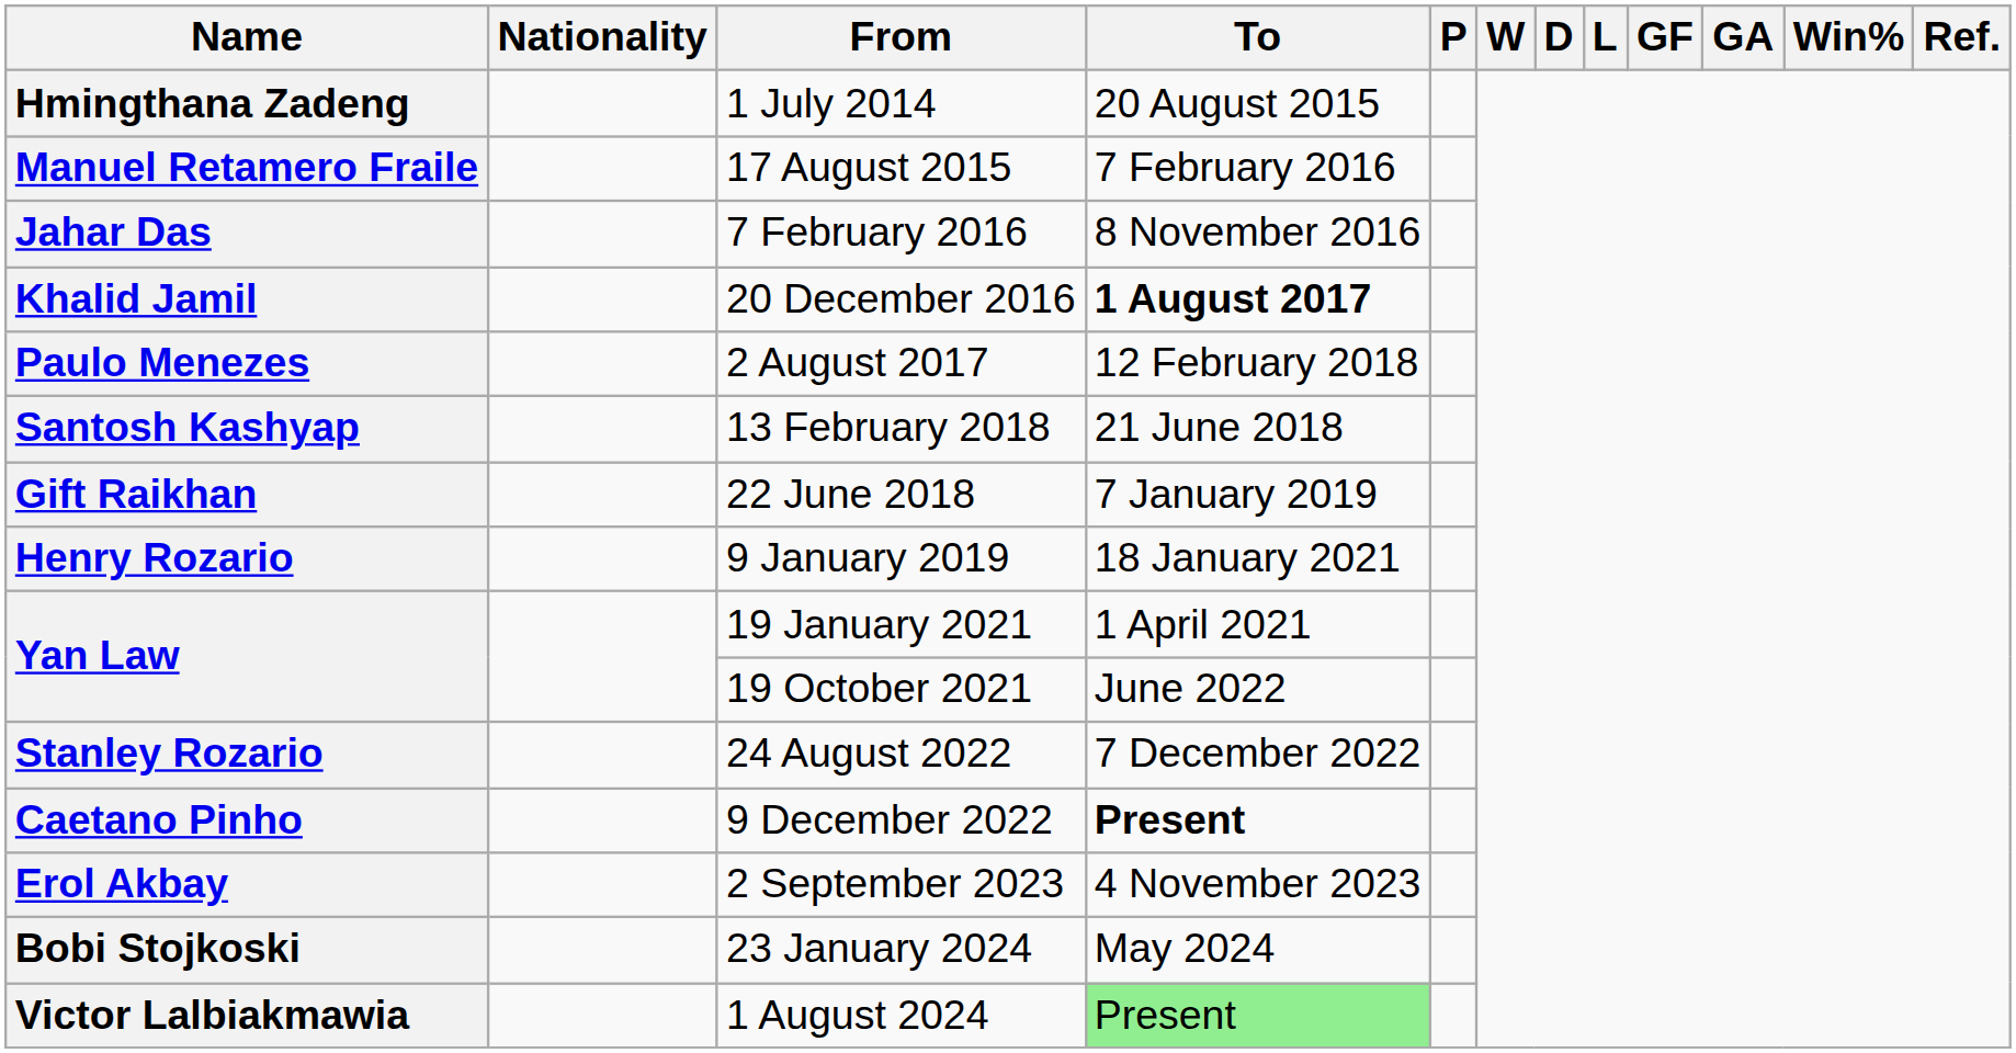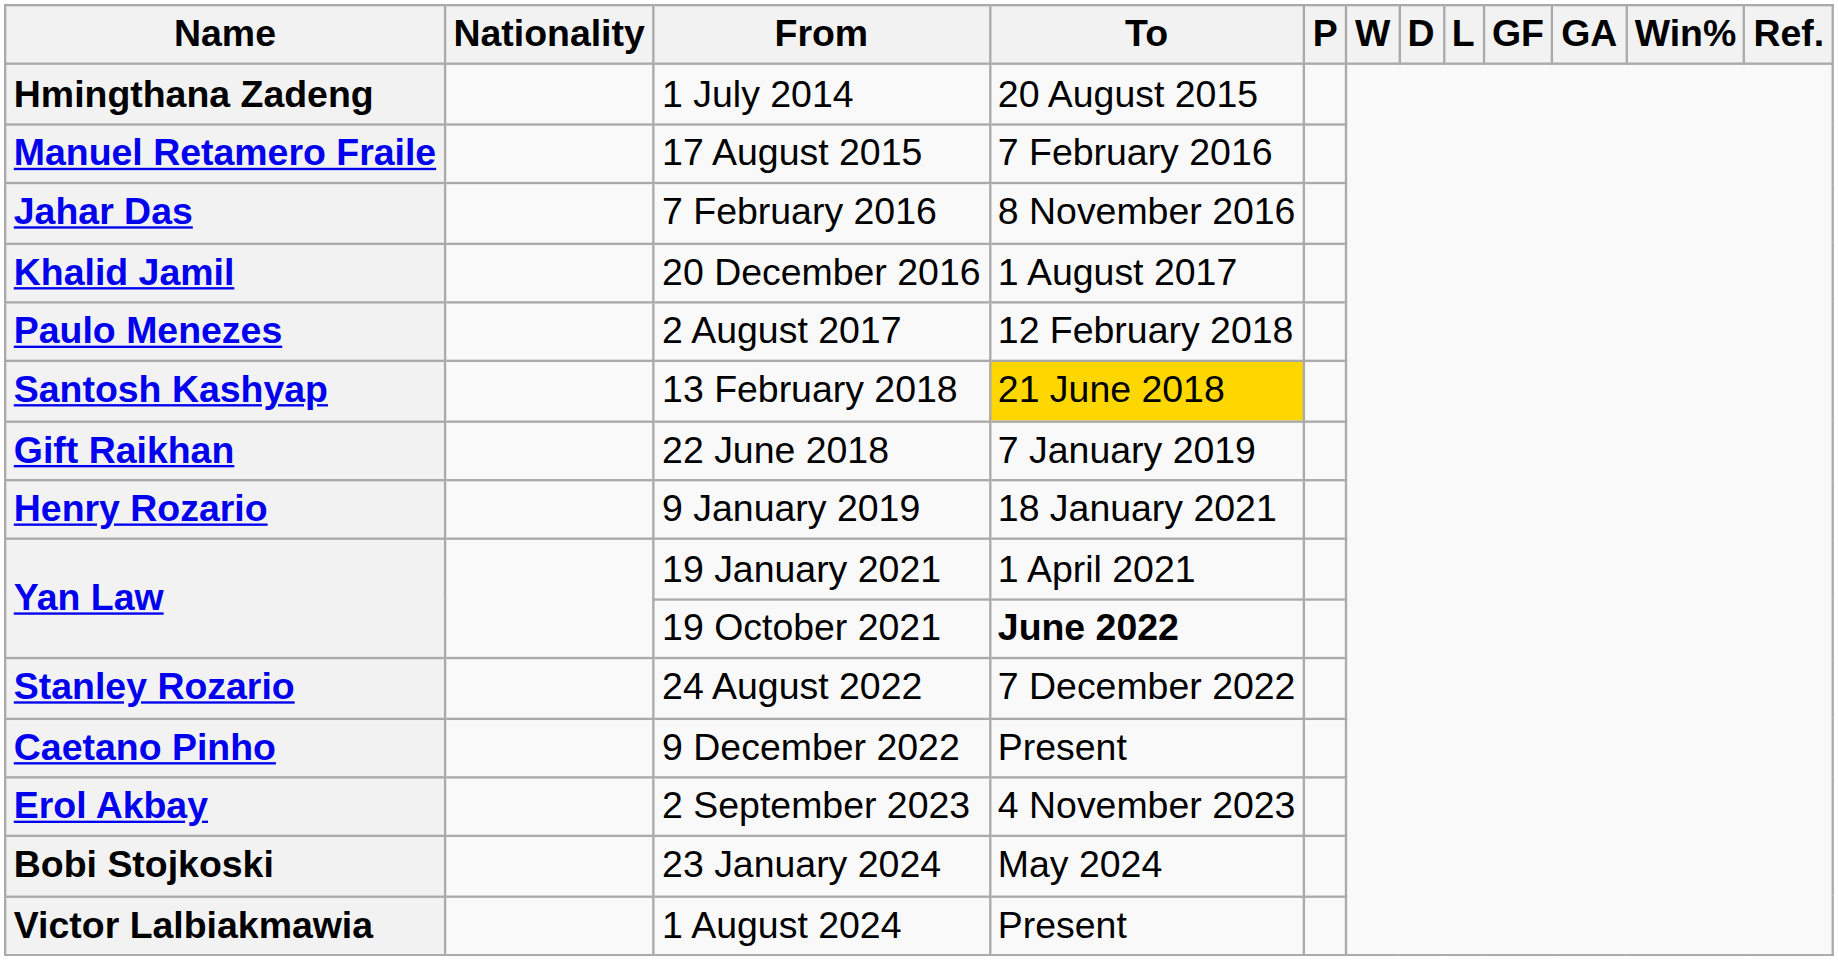 <table class="wikitable plainrowheaders sortable" style="text-align:center">
 <tr>
 <th>Name</th>
 <th>Nationality</th>
 <th>From</th>
 <th class="unsortable">To</th>
 <th>P</th>
 <th>W</th>
 <th>D</th>
 <th>L</th>
 <th>GF</th>
 <th>GA</th>
 <th>Win%</th>
 <th>Ref.</th>
 </tr>
 <tr>
 <th scope=row style=text-align:left>Hmingthana Zadeng</th>
 <td align=left></td>
 <td align=left>1 July 2014</td>
 <td align=left>20 August 2015<br></td>
 <td></td>
 </tr>
 <tr>
 <th scope=row style=text-align:left><a href='#'>Manuel Retamero Fraile</a></th>
 <td align=left></td>
 <td align=left>17 August 2015</td>
 <td align=left>7 February 2016<br></td>
 <td></td>
 </tr>
 <tr>
 <th scope=row style=text-align:left><a href='#'>Jahar Das</a></th>
 <td align=left></td>
 <td align=left>7 February 2016</td>
 <td align=left>8 November 2016<br></td>
 <td></td>
 </tr>
 <tr>
 <th scope=row style=text-align:left><a href='#'>Khalid Jamil</a></th>
 <td align=left></td>
 <td align=left>20 December 2016</td>
-<td align=left><strong>1 August 2017<br></strong></td>
+<td align=left>1 August 2017<br></td>
 <td></td>
 </tr>
 <tr>
 <th scope=row style=text-align:left><a href='#'>Paulo Menezes</a></th>
 <td align=left></td>
 <td align=left>2 August 2017</td>
 <td align=left>12 February 2018<br></td>
 <td></td>
 </tr>
 <tr>
 <th scope=row style=text-align:left><a href='#'>Santosh Kashyap</a></th>
 <td align=left></td>
 <td align=left>13 February 2018</td>
-<td align=left>21 June 2018<br></td>
+<td align=left style="background: gold;">21 June 2018<br></td>
 <td></td>
 </tr>
 <tr>
 <th scope=row style=text-align:left><a href='#'>Gift Raikhan</a></th>
 <td align=left></td>
 <td align=left>22 June 2018</td>
 <td align=left>7 January 2019<br></td>
 <td></td>
 </tr>
 <tr>
 <th scope=row style=text-align:left><a href='#'>Henry Rozario</a></th>
 <td align=left></td>
 <td align=left>9 January 2019</td>
 <td align=left>18 January 2021<br></td>
 <td></td>
 </tr>
 <tr>
 <th rowspan="2" scope="row" style="text-align:left"><a href='#'>Yan Law</a></th>
 <td rowspan="2" align="left"></td>
 <td align=left>19 January 2021</td>
 <td align=left>1 April 2021<br></td>
 <td></td>
 </tr>
 <tr>
 <td align=left>19 October 2021</td>
-<td align=left>June 2022<br></td>
+<td align=left><strong>June 2022<br></strong></td>
 <td></td>
 </tr>
 <tr>
 <th scope=row style=text-align:left><a href='#'>Stanley Rozario</a></th>
 <td align=left></td>
 <td align=left>24 August 2022</td>
 <td align=left>7 December 2022<br></td>
 <td></td>
 </tr>
 <tr>
 <th scope=row style=text-align:left><a href='#'>Caetano Pinho</a></th>
 <td align=left></td>
 <td align=left>9 December 2022</td>
-<td align=left><strong>Present<br></strong></td>
+<td align=left>Present<br></td>
 <td></td>
 </tr>
 <tr>
 <th scope=row style=text-align:left><a href='#'>Erol Akbay</a></th>
 <td align=left></td>
 <td align=left>2 September 2023</td>
 <td align=left>4 November 2023<br></td>
 <td></td>
 </tr>
 <tr>
 <th scope=row style=text-align:left>Bobi Stojkoski</th>
 <td align=left></td>
 <td align=left>23 January 2024</td>
 <td align=left>May 2024<br></td>
 <td></td>
 </tr>
 <tr>
 <th scope=row style=text-align:left>Victor Lalbiakmawia</th>
 <td align=left></td>
 <td align=left>1 August 2024</td>
-<td align=left style="background: lightgreen;">Present<br></td>
+<td align=left>Present<br></td>
 <td></td>
 </tr>
 </table>
